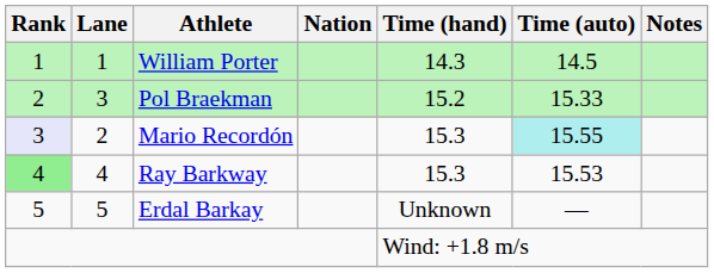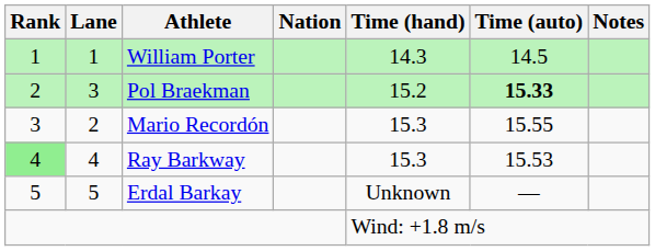 <table class="wikitable sortable" style="text-align:center">
 <tr>
 <th>Rank</th>
 <th>Lane</th>
 <th>Athlete</th>
 <th>Nation</th>
 <th>Time (hand)</th>
 <th>Time (auto)</th>
 <th>Notes</th>
 </tr>
 <tr bgcolor="bbf3bb">
 <td>1</td>
 <td>1</td>
 <td align=left><a href='#'>William Porter</a></td>
 <td align=left></td>
 <td>14.3</td>
 <td>14.5</td>
 <td></td>
 </tr>
 <tr bgcolor="bbf3bb">
 <td>2</td>
 <td>3</td>
 <td align=left><a href='#'>Pol Braekman</a></td>
 <td align=left></td>
 <td>15.2</td>
-<td>15.33</td>
+<td><strong>15.33</strong></td>
 <td></td>
 </tr>
 <tr>
-<td style="background: lavender;">3</td>
+<td>3</td>
 <td>2</td>
 <td align=left><a href='#'>Mario Recordón</a></td>
 <td align=left></td>
 <td>15.3</td>
-<td style="background: paleturquoise;">15.55</td>
+<td>15.55</td>
 <td></td>
 </tr>
 <tr>
 <td style="background: lightgreen;">4</td>
 <td>4</td>
 <td align=left><a href='#'>Ray Barkway</a></td>
 <td align=left></td>
 <td>15.3</td>
 <td>15.53</td>
 <td></td>
 </tr>
 <tr>
 <td>5</td>
 <td>5</td>
 <td align=left><a href='#'>Erdal Barkay</a></td>
 <td align=left></td>
 <td>Unknown</td>
 <td>—</td>
 <td></td>
 </tr>
 <tr class="sortbottom">
 <td colspan=4></td>
 <td colspan="3" style="text-align:left;">Wind: +1.8 m/s</td>
 </tr>
 </table>
